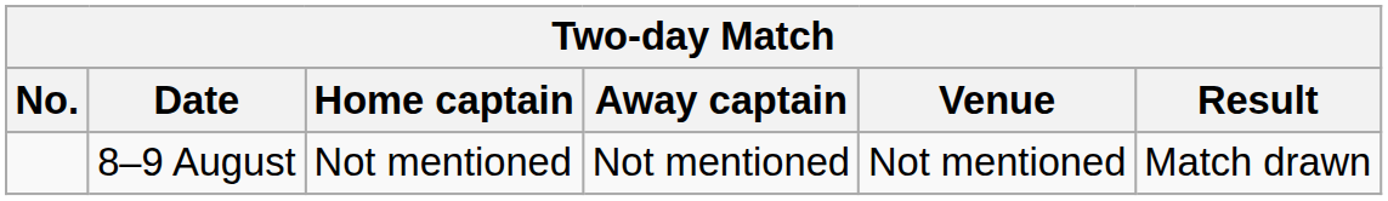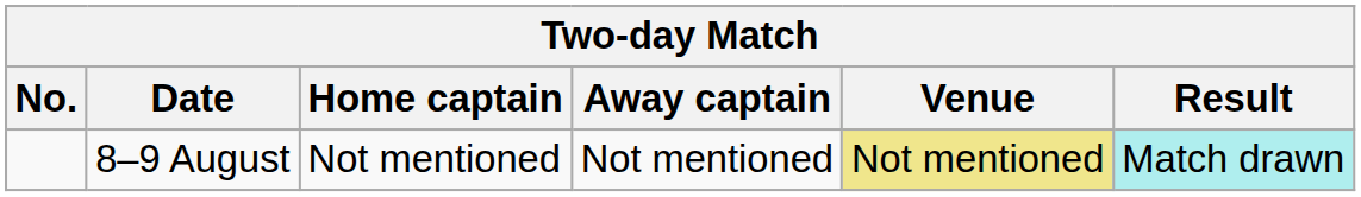 <table class="wikitable">
 <tr>
 <th colspan="9">Two-day Match</th>
 </tr>
 <tr>
 <th>No.</th>
 <th>Date</th>
 <th>Home captain</th>
 <th>Away captain</th>
 <th>Venue</th>
 <th>Result</th>
 </tr>
 <tr>
 <td></td>
 <td>8–9 August</td>
 <td>Not mentioned</td>
 <td>Not mentioned</td>
-<td>Not mentioned</td>
-<td>Match drawn</td>
+<td style="background: khaki;">Not mentioned</td>
+<td style="background: paleturquoise;">Match drawn</td>
 </tr>
 </table>
